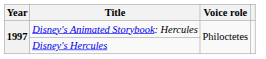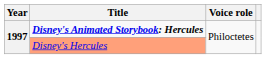 <table class="wikitable plainrowheaders">
 <tr>
 <th scope="col">Year</th>
 <th scope="col">Title</th>
 <th scope="col">Voice role</th>
 <th scope="col"></th>
 </tr>
 <tr>
 <th scope="row" rowspan="2">1997</th>
-<td><em><a href='#'>Disney's Animated Storybook</a>: Hercules</em></td>
+<td><strong><em><a href='#'>Disney's Animated Storybook</a>: Hercules</em></strong></td>
 <td rowspan="2">Philoctetes</td>
 <td rowspan="2"></td>
 </tr>
 <tr>
-<td><em><a href='#'>Disney's Hercules</a></em></td>
+<td style="background: lightsalmon;"><em><a href='#'>Disney's Hercules</a></em></td>
 </tr>
 </table>
